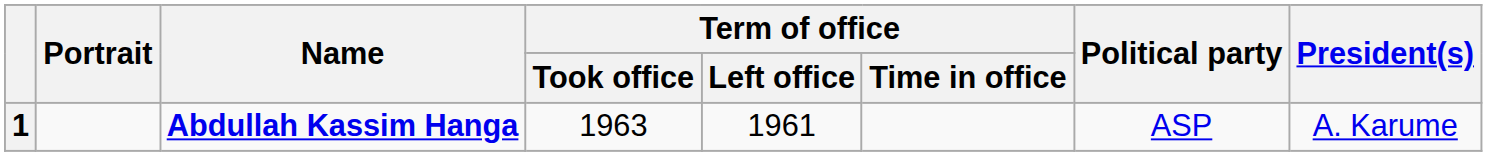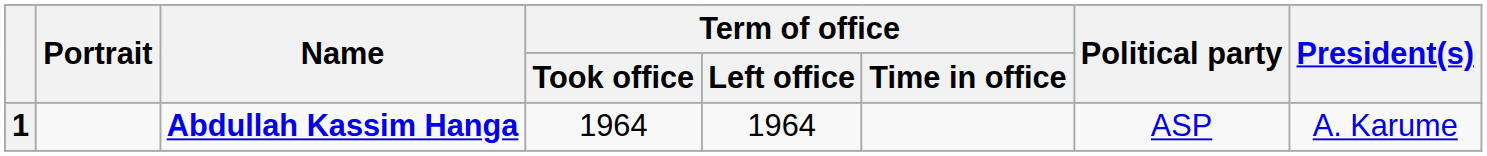 <table class="wikitable" style="text-align:center">
 <tr>
 <th rowspan="2"></th>
 <th rowspan="2">Portrait</th>
 <th rowspan="2">Name<br></th>
 <th colspan="3">Term of office</th>
 <th rowspan="2">Political party</th>
 <th rowspan="2"><a href='#'>President(s)</a></th>
 </tr>
 <tr>
 <th>Took office</th>
 <th>Left office</th>
 <th>Time in office</th>
 </tr>
 <tr>
 <th style="background:">1</th>
 <td></td>
 <td><strong><a href='#'>Abdullah Kassim Hanga</a><br></strong></td>
-<td> 1963</td>
-<td> 1961</td>
+<td> 1964</td>
+<td> 1964</td>
 <td></td>
 <td><a href='#'>ASP</a></td>
 <td><a href='#'>A. Karume</a></td>
 </tr>
 </table>
